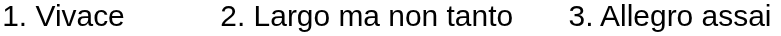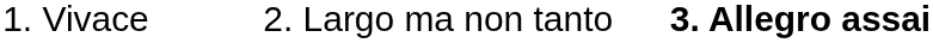 <table>
 <tr>
 <td colspan="3"></td>
 </tr>
 <tr>
 <td style="width: 33%; text-align: center;">1. Vivace</td>
 <td style="width: 33%; text-align: center;">2. Largo ma non tanto</td>
-<td style="width: 33%; text-align: center;">3. Allegro assai</td>
+<td style="width: 33%; text-align: center;"><strong>3. Allegro assai</strong></td>
 </tr>
 </table>
